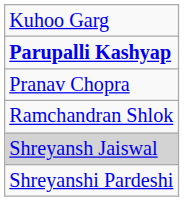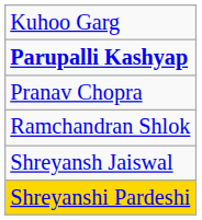 <table class="wikitable" style="text-align:left">
 <tr>
 <td> <a href='#'>Kuhoo Garg</a></td>
 </tr>
 <tr>
 <td><strong> <a href='#'>Parupalli Kashyap</a></strong></td>
 </tr>
 <tr>
 <td> <a href='#'>Pranav Chopra</a></td>
 </tr>
 <tr>
 <td> <a href='#'>Ramchandran Shlok</a></td>
 </tr>
 <tr>
-<td style="background: lightgrey;"> <a href='#'>Shreyansh Jaiswal</a></td>
+<td> <a href='#'>Shreyansh Jaiswal</a></td>
 </tr>
 <tr>
-<td> <a href='#'>Shreyanshi Pardeshi</a></td>
+<td style="background: gold;"> <a href='#'>Shreyanshi Pardeshi</a></td>
 </tr>
 </table>
